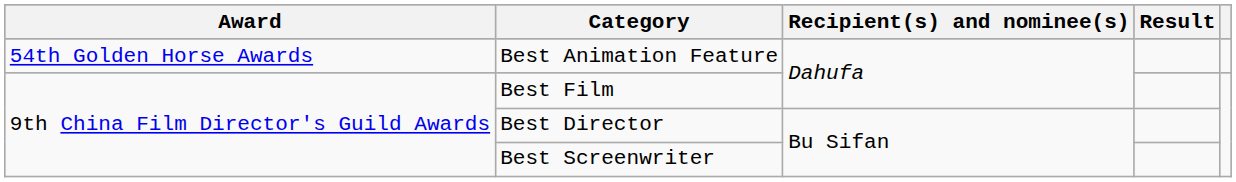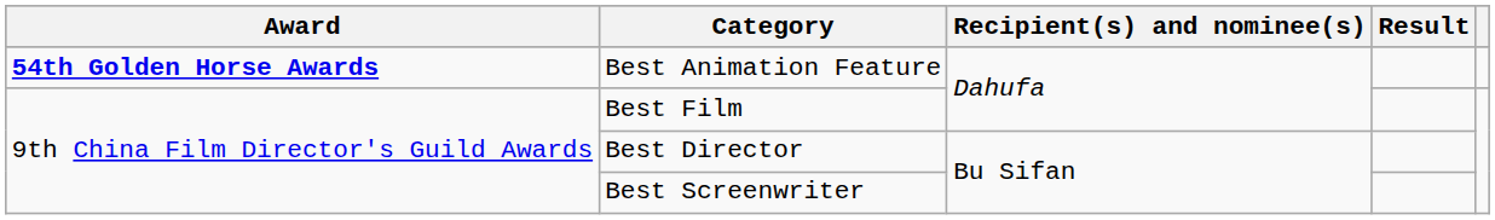 <table class="wikitable plainrowheaders sortable">
 <tr style="background:#ccc; text-align:center;">
 <th scope="col">Award</th>
 <th scope="col">Category</th>
 <th scope="col">Recipient(s) and nominee(s)</th>
 <th scope="col">Result</th>
 <th scope="col" class="unsortable"></th>
 </tr>
 <tr>
-<td><a href='#'>54th Golden Horse Awards</a></td>
+<td><strong><a href='#'>54th Golden Horse Awards</a></strong></td>
 <td>Best Animation Feature</td>
 <td rowspan=2><em>Dahufa</em></td>
 <td></td>
 <td></td>
 </tr>
 <tr>
 <td rowspan=3>9th <a href='#'>China Film Director's Guild Awards</a></td>
 <td>Best Film</td>
 <td></td>
 <td rowspan=3></td>
 </tr>
 <tr>
 <td>Best Director</td>
 <td rowspan=2>Bu Sifan</td>
 <td></td>
 </tr>
 <tr>
 <td>Best Screenwriter</td>
 <td></td>
 </tr>
 </table>
